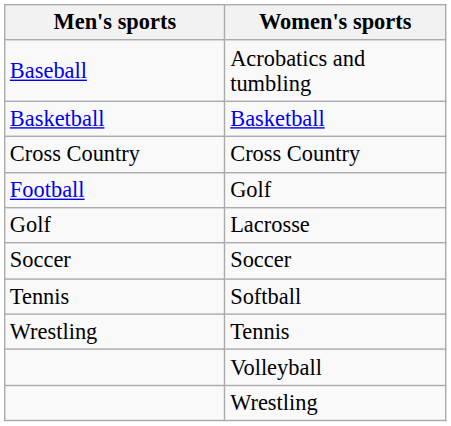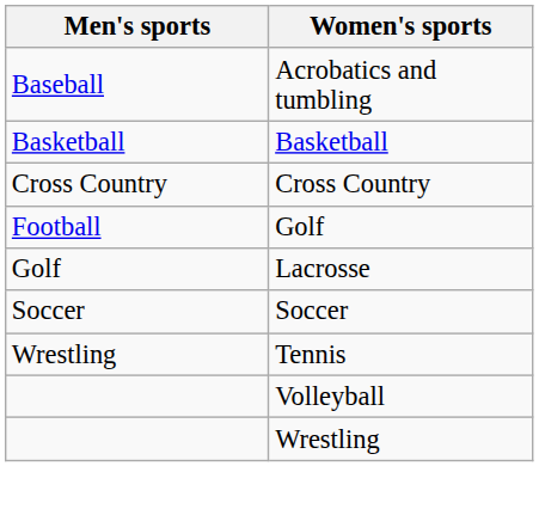 <table class="wikitable"; style= "text-align: ">
 <tr>
 <th width=150px>Men's sports</th>
 <th width=150px>Women's sports</th>
 </tr>
 <tr>
 <td><a href='#'>Baseball</a></td>
 <td>Acrobatics and tumbling</td>
 </tr>
 <tr>
 <td><a href='#'>Basketball</a></td>
 <td><a href='#'>Basketball</a></td>
 </tr>
 <tr>
 <td>Cross Country</td>
 <td>Cross Country</td>
 </tr>
 <tr>
 <td><a href='#'>Football</a></td>
 <td>Golf</td>
 </tr>
 <tr>
 <td>Golf</td>
 <td>Lacrosse</td>
 </tr>
 <tr>
 <td>Soccer</td>
 <td>Soccer</td>
 </tr>
 <tr>
-<td>Tennis</td>
-<td>Softball</td>
-</tr>
-<tr>
 <td>Wrestling</td>
 <td>Tennis</td>
 </tr>
 <tr>
 <td></td>
 <td>Volleyball</td>
 </tr>
 <tr>
 <td></td>
 <td>Wrestling</td>
 </tr>
 </table>
